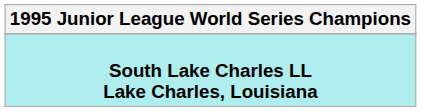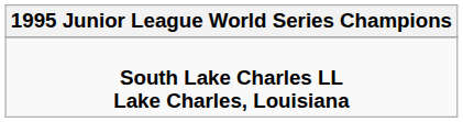 <table class="wikitable" style="text-align: center; margin: 0 auto;">
 <tr>
 <th>1995 Junior League World Series Champions</th>
 </tr>
 <tr>
 </tr>
 <tr>
-<td style="background: paleturquoise;"><br><strong>South Lake Charles LL</strong><br><strong>Lake Charles, Louisiana</strong></td>
+<td><br><strong>South Lake Charles LL</strong><br><strong>Lake Charles, Louisiana</strong></td>
 </tr>
 </table>
